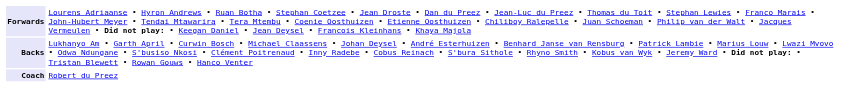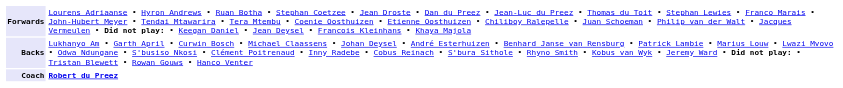 <table cellpadding="2" style="border: 1px solid white; font-size:90%;">
 <tr>
 <td style="text-align:right;" bgcolor="lavender"><strong>Forwards</strong></td>
 <td style="text-align:left;"><a href='#'>Lourens Adriaanse</a> • <a href='#'>Hyron Andrews</a> • <a href='#'>Ruan Botha</a> • <a href='#'>Stephan Coetzee</a> • <a href='#'>Jean Droste</a> • <a href='#'>Dan du Preez</a> • <a href='#'>Jean-Luc du Preez</a> • <a href='#'>Thomas du Toit</a> • <a href='#'>Stephan Lewies</a> • <a href='#'>Franco Marais</a> • <a href='#'>John-Hubert Meyer</a> • <a href='#'>Tendai Mtawarira</a> • <a href='#'>Tera Mtembu</a> • <a href='#'>Coenie Oosthuizen</a> • <a href='#'>Etienne Oosthuizen</a> • <a href='#'>Chiliboy Ralepelle</a> • <a href='#'>Juan Schoeman</a> • <a href='#'>Philip van der Walt</a> • <a href='#'>Jacques Vermeulen</a> • <strong>Did not play:</strong> • <a href='#'>Keegan Daniel</a> • <a href='#'>Jean Deysel</a> • <a href='#'>Francois Kleinhans</a> • <a href='#'>Khaya Majola</a></td>
 </tr>
 <tr>
 <td style="text-align:right;" bgcolor="lavender"><strong>Backs</strong></td>
 <td style="text-align:left;"><a href='#'>Lukhanyo Am</a> • <a href='#'>Garth April</a> • <a href='#'>Curwin Bosch</a> • <a href='#'>Michael Claassens</a> • <a href='#'>Johan Deysel</a> • <a href='#'>André Esterhuizen</a> • <a href='#'>Benhard Janse van Rensburg</a> • <a href='#'>Patrick Lambie</a> • <a href='#'>Marius Louw</a> • <a href='#'>Lwazi Mvovo</a> • <a href='#'>Odwa Ndungane</a> • <a href='#'>S'busiso Nkosi</a> • <a href='#'>Clément Poitrenaud</a> • <a href='#'>Inny Radebe</a> • <a href='#'>Cobus Reinach</a> • <a href='#'>S'bura Sithole</a> • <a href='#'>Rhyno Smith</a> • <a href='#'>Kobus van Wyk</a> • <a href='#'>Jeremy Ward</a> • <strong>Did not play:</strong> • <a href='#'>Tristan Blewett</a> • <a href='#'>Rowan Gouws</a> • <a href='#'>Hanco Venter</a></td>
 </tr>
 <tr>
 <td style="text-align:right;" bgcolor="lavender"><strong>Coach</strong></td>
-<td style="text-align:left;"><a href='#'>Robert du Preez</a></td>
+<td style="text-align:left;"><strong><a href='#'>Robert du Preez</a></strong></td>
 </tr>
 </table>
